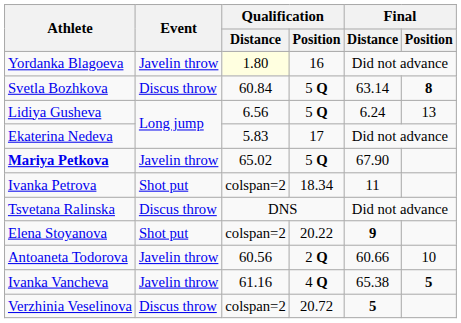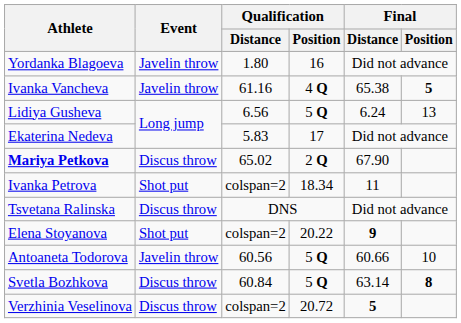 <table class=wikitable style="font-size:90%">
 <tr>
 <th rowspan="2">Athlete</th>
 <th rowspan="2">Event</th>
 <th colspan="2">Qualification</th>
 <th colspan="2">Final</th>
 </tr>
 <tr style="font-size:95%">
 <th>Distance</th>
 <th>Position</th>
 <th>Distance</th>
 <th>Position</th>
 </tr>
 <tr align=center>
 <td align=left><a href='#'>Yordanka Blagoeva</a></td>
 <td align=left><a href='#'>Javelin throw</a></td>
-<td style="background: lightyellow;">1.80</td>
+<td>1.80</td>
 <td>16</td>
 <td colspan=2>Did not advance</td>
 </tr>
 <tr align=center>
-<td align=left><a href='#'>Svetla Bozhkova</a></td>
-<td align=left rowspan=1><a href='#'>Discus throw</a></td>
-<td>60.84</td>
-<td>5 <strong>Q</strong></td>
-<td>63.14</td>
-<td><strong>8</strong></td>
+<td align=left><a href='#'>Ivanka Vancheva</a></td>
+<td align=left><a href='#'>Javelin throw</a></td>
+<td>61.16</td>
+<td>4 <strong>Q</strong></td>
+<td>65.38</td>
+<td><strong>5</strong></td>
 </tr>
 <tr align=center>
 <td align=left><a href='#'>Lidiya Gusheva</a></td>
 <td align=left rowspan=2><a href='#'>Long jump</a></td>
 <td>6.56</td>
 <td>5 <strong>Q</strong></td>
 <td>6.24</td>
 <td>13</td>
 </tr>
 <tr align=center>
 <td align=left><a href='#'>Ekaterina Nedeva</a></td>
 <td>5.83</td>
 <td>17</td>
 <td colspan=2>Did not advance</td>
 </tr>
 <tr align=center>
 <td align=left><strong><a href='#'>Mariya Petkova</a></strong></td>
-<td align=left><a href='#'>Javelin throw</a></td>
+<td align=left rowspan=1><a href='#'>Discus throw</a></td>
 <td>65.02</td>
-<td>5 <strong>Q</strong></td>
+<td>2 <strong>Q</strong></td>
 <td>67.90</td>
 <td></td>
 </tr>
 <tr align=center>
 <td align=left><a href='#'>Ivanka Petrova</a></td>
 <td align=left><a href='#'>Shot put</a></td>
 <td>colspan=2 </td>
 <td>18.34</td>
 <td>11</td>
 </tr>
 <tr align=center>
 <td align=left><a href='#'>Tsvetana Ralinska</a></td>
 <td align=left rowspan=1><a href='#'>Discus throw</a></td>
 <td colspan=2>DNS</td>
 <td colspan=2>Did not advance</td>
 </tr>
 <tr align=center>
 <td align=left><a href='#'>Elena Stoyanova</a></td>
 <td align=left><a href='#'>Shot put</a></td>
 <td>colspan=2 </td>
 <td>20.22</td>
 <td><strong>9</strong></td>
 </tr>
 <tr align=center>
 <td align=left><a href='#'>Antoaneta Todorova</a></td>
 <td align=left><a href='#'>Javelin throw</a></td>
 <td>60.56</td>
-<td>2 <strong>Q</strong></td>
+<td>5 <strong>Q</strong></td>
 <td>60.66</td>
 <td>10</td>
 </tr>
 <tr align=center>
-<td align=left><a href='#'>Ivanka Vancheva</a></td>
-<td align=left><a href='#'>Javelin throw</a></td>
-<td>61.16</td>
-<td>4 <strong>Q</strong></td>
-<td>65.38</td>
-<td><strong>5</strong></td>
+<td align=left><a href='#'>Svetla Bozhkova</a></td>
+<td align=left rowspan=1><a href='#'>Discus throw</a></td>
+<td>60.84</td>
+<td>5 <strong>Q</strong></td>
+<td>63.14</td>
+<td><strong>8</strong></td>
 </tr>
 <tr align=center>
 <td align=left><a href='#'>Verzhinia Veselinova</a></td>
 <td align=left rowspan=1><a href='#'>Discus throw</a></td>
 <td>colspan=2 </td>
 <td>20.72</td>
 <td><strong>5</strong></td>
 </tr>
 </table>
